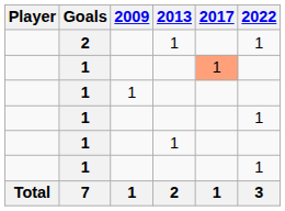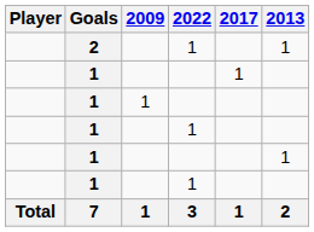 <table class="wikitable sortable" style="text-align:center;">
 <tr>
 <th>Player</th>
 <th>Goals</th>
 <th><a href='#'>2009</a></th>
+<th><a href='#'>2022</a></th>
+<th><a href='#'>2017</a></th>
 <th><a href='#'>2013</a></th>
-<th><a href='#'>2017</a></th>
-<th><a href='#'>2022</a></th>
 </tr>
 <tr>
 <td align="left"></td>
 <th>2</th>
 <td></td>
 <td>1</td>
 <td></td>
 <td>1</td>
 </tr>
 <tr>
 <td align="left"></td>
 <th>1</th>
 <td></td>
 <td></td>
-<td style="background: lightsalmon;">1</td>
+<td>1</td>
 <td></td>
 </tr>
 <tr>
 <td align="left"></td>
 <th>1</th>
 <td>1</td>
 <td></td>
+<td></td>
+<td></td>
+</tr>
+<tr>
+<td align="left"></td>
+<th>1</th>
+<td></td>
+<td>1</td>
 <td></td>
 <td></td>
 </tr>
 <tr>
 <td align="left"></td>
 <th>1</th>
 <td></td>
 <td></td>
 <td></td>
 <td>1</td>
 </tr>
 <tr>
 <td align="left"></td>
 <th>1</th>
 <td></td>
 <td>1</td>
 <td></td>
 <td></td>
 </tr>
-<tr>
-<td align="left"></td>
-<th>1</th>
-<td></td>
-<td></td>
-<td></td>
-<td>1</td>
-</tr>
 <tr class="sortbottom">
 <th>Total</th>
 <th>7</th>
 <th>1</th>
+<th>3</th>
+<th>1</th>
 <th>2</th>
-<th>1</th>
-<th>3</th>
 </tr>
 </table>
